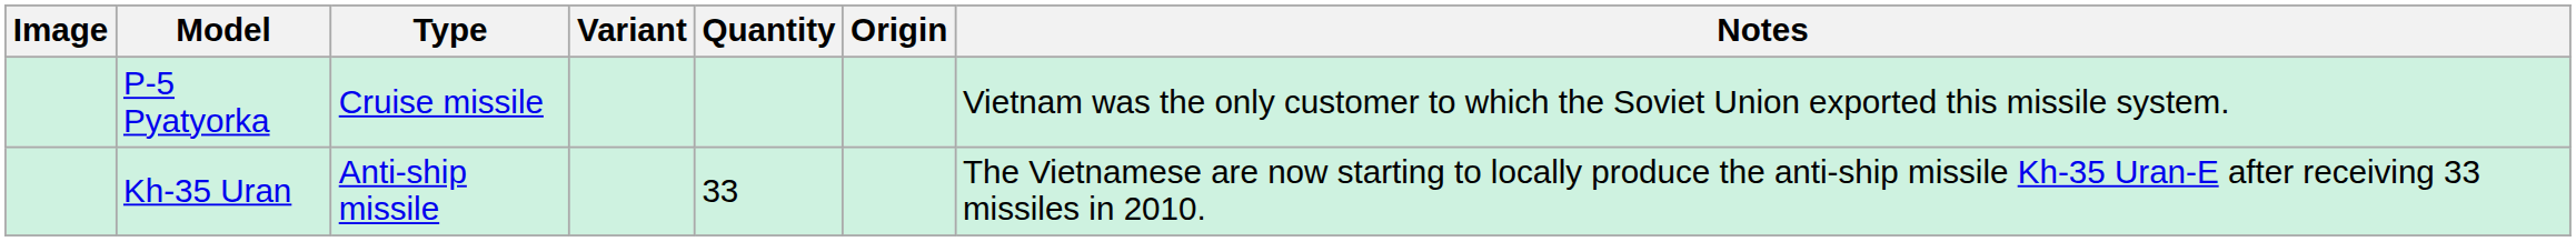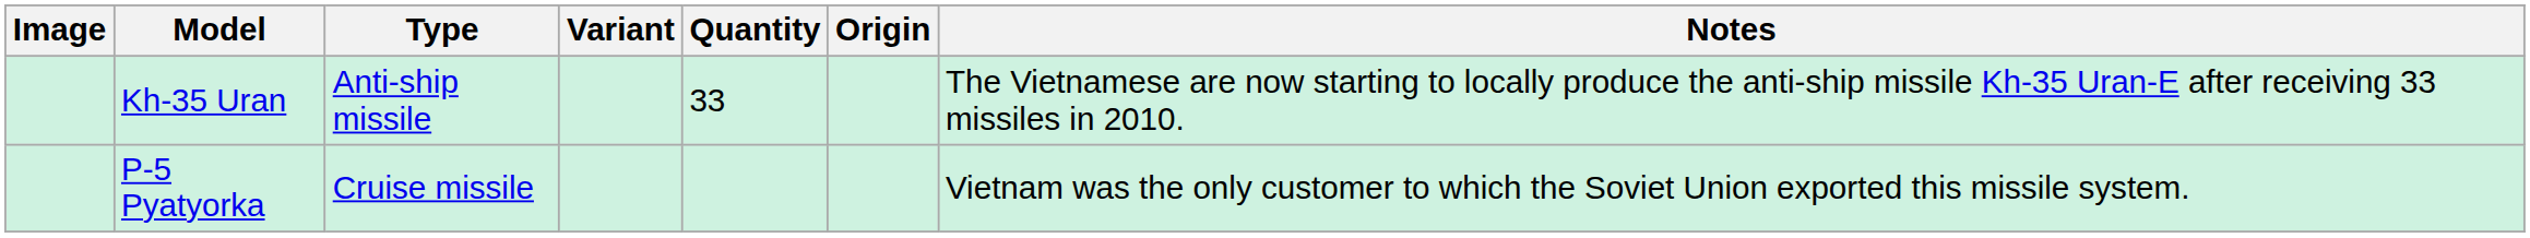 <table class="wikitable">
 <tr>
 <th>Image</th>
 <th>Model</th>
 <th>Type</th>
 <th>Variant</th>
 <th>Quantity</th>
 <th>Origin</th>
 <th>Notes</th>
 </tr>
 <tr>
 <td style="background: #CEF2E0"></td>
+<td style="background: #CEF2E0"><a href='#'>Kh-35 Uran</a></td>
+<td style="background: #CEF2E0"><a href='#'>Anti-ship missile</a></td>
+<td style="background: #CEF2E0"></td>
+<td style="background: #CEF2E0">33</td>
+<td style="background: #CEF2E0"></td>
+<td style="background: #CEF2E0">The Vietnamese are now starting to locally produce the anti-ship missile <a href='#'>Kh-35 Uran-E</a> after receiving 33 missiles in 2010.</td>
+</tr>
+<tr>
+<td style="background: #CEF2E0"></td>
 <td style="background: #CEF2E0"><a href='#'>P-5 Pyatyorka</a></td>
 <td style="background: #CEF2E0"><a href='#'>Cruise missile</a></td>
 <td style="background: #CEF2E0"></td>
 <td style="background: #CEF2E0"></td>
 <td style="background: #CEF2E0"></td>
 <td style="background: #CEF2E0">Vietnam was the only customer to which the Soviet Union exported this missile system.</td>
 </tr>
-<tr>
-<td style="background: #CEF2E0"></td>
-<td style="background: #CEF2E0"><a href='#'>Kh-35 Uran</a></td>
-<td style="background: #CEF2E0"><a href='#'>Anti-ship missile</a></td>
-<td style="background: #CEF2E0"></td>
-<td style="background: #CEF2E0">33</td>
-<td style="background: #CEF2E0"></td>
-<td style="background: #CEF2E0">The Vietnamese are now starting to locally produce the anti-ship missile <a href='#'>Kh-35 Uran-E</a> after receiving 33 missiles in 2010.</td>
-</tr>
 </table>
